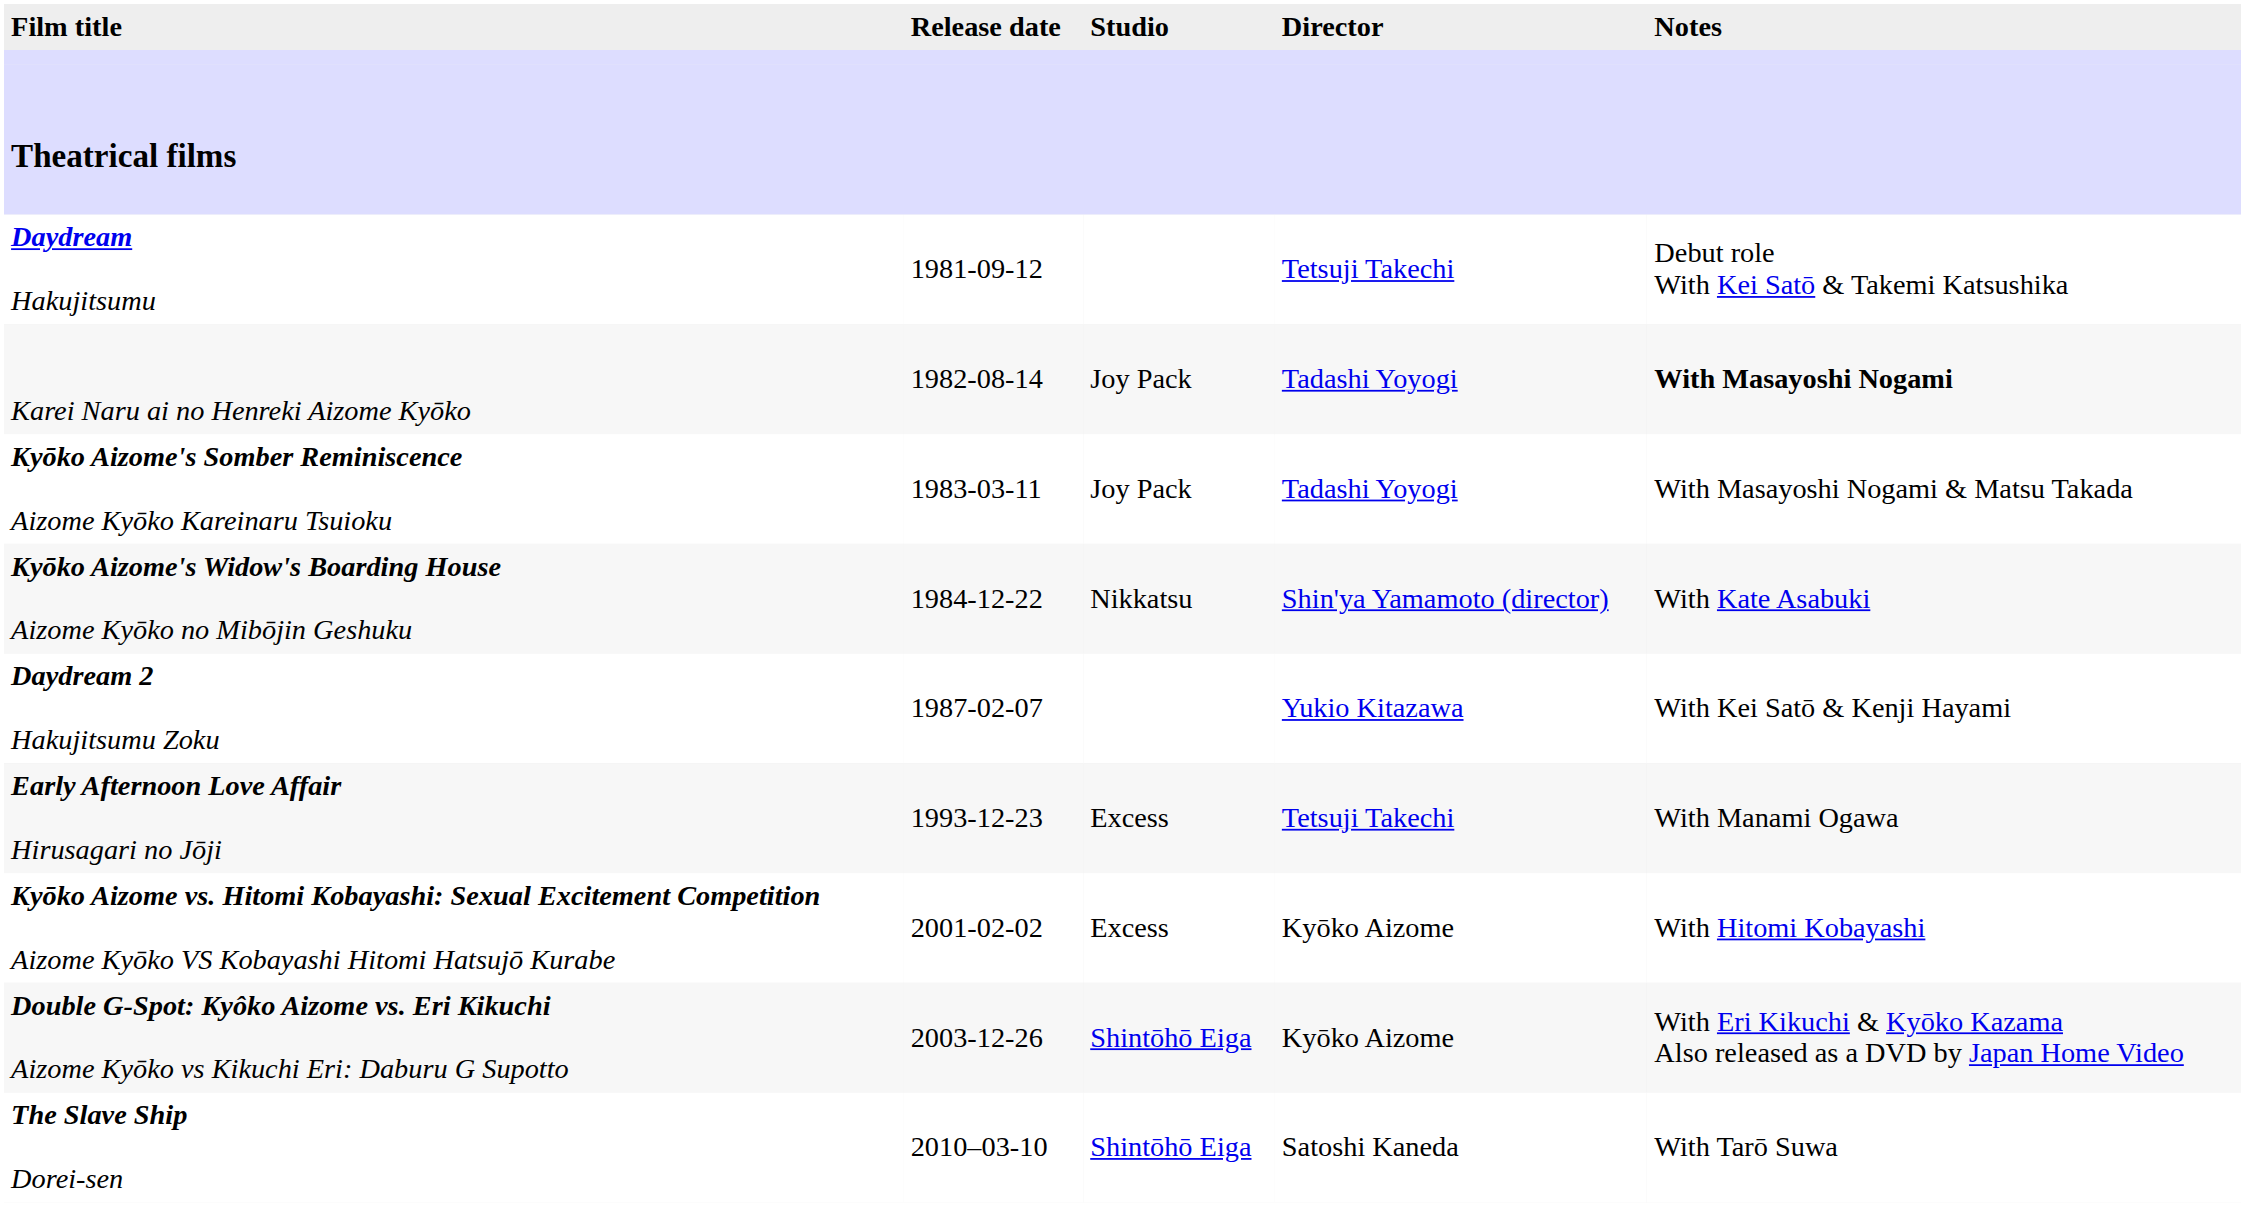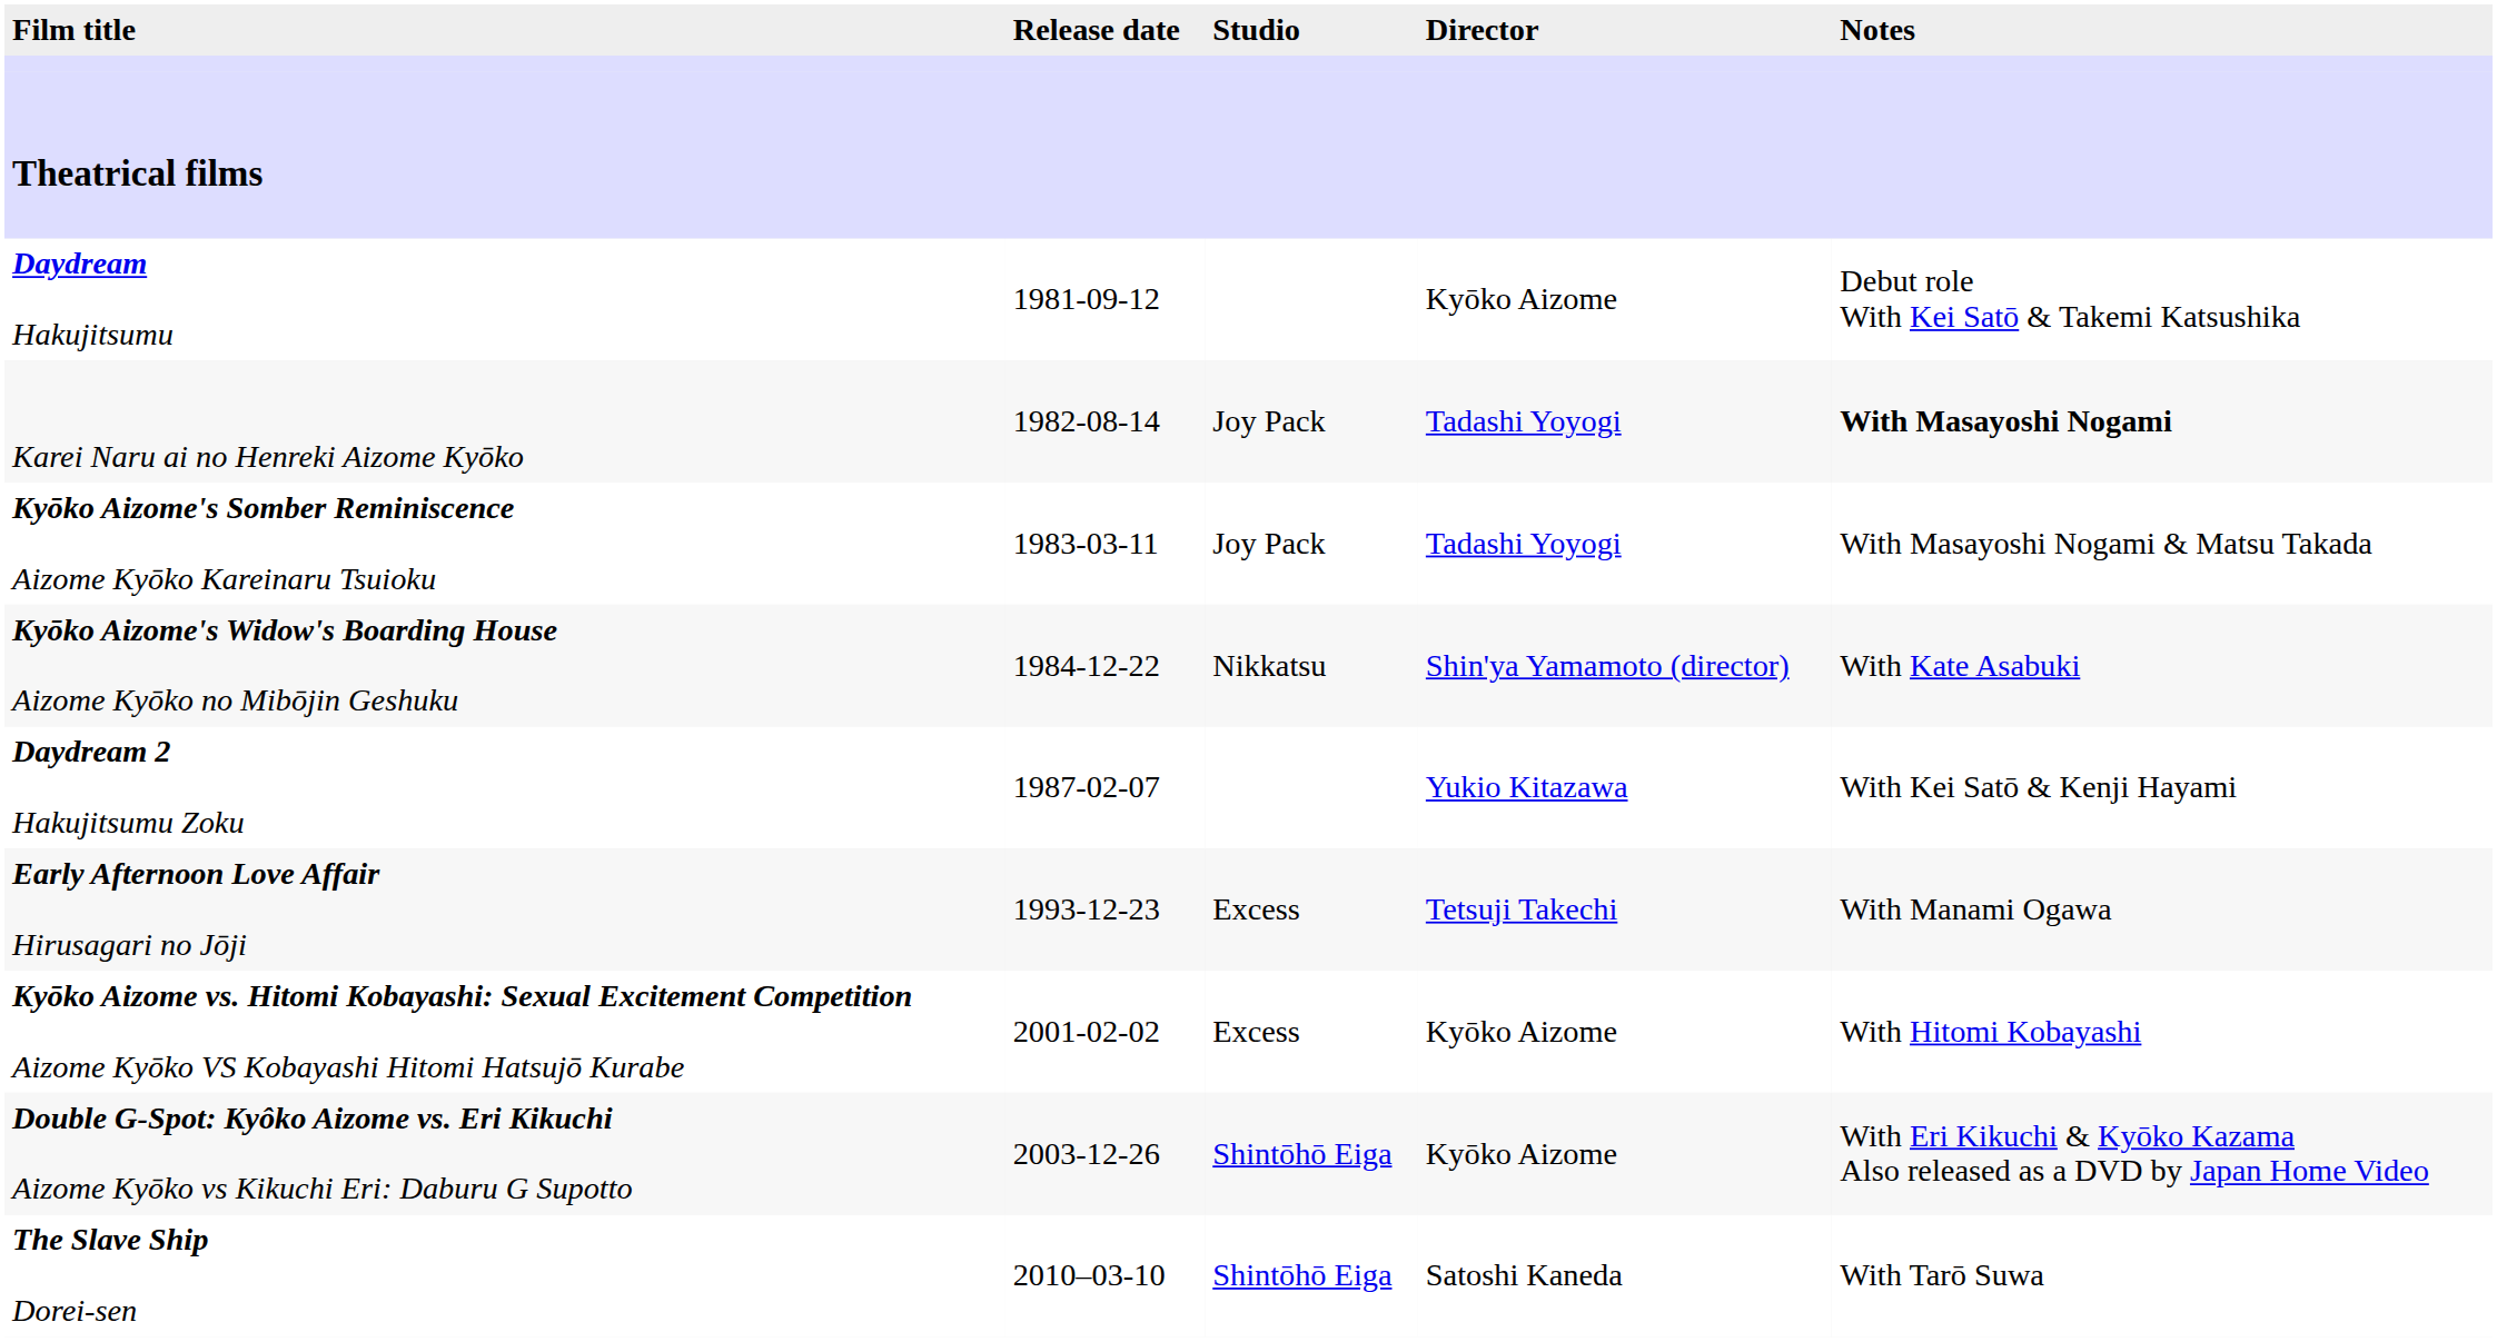 <table cellpadding="4" style="width:100%; text-align:left; border-width:0; border-collapse:collapse; background:#eee;">
 <tr>
 <th>Film title</th>
 <th>Release date</th>
 <th>Studio</th>
 <th>Director</th>
 <th>Notes</th>
 </tr>
 <tr>
 <td colspan="6" style="background:#ddf;"></td>
 </tr>
 <tr>
 <td colspan="6" style="background:#ddf;"><br><h3>Theatrical films</h3></td>
 </tr>
 <tr style=background:#fff;>
 <td><strong><em><a href='#'>Daydream</a></em></strong><br><br><em>Hakujitsumu</em></td>
 <td>1981-09-12</td>
 <td></td>
-<td><a href='#'>Tetsuji Takechi</a></td>
+<td>Kyōko Aizome</td>
 <td>Debut role<br>With <a href='#'>Kei Satō</a> & Takemi Katsushika</td>
 </tr>
 <tr style=background:#f7f7f7;>
 <td><strong><em> </em></strong><br><br><em>Karei Naru ai no Henreki Aizome Kyōko</em></td>
 <td>1982-08-14</td>
 <td>Joy Pack</td>
 <td><a href='#'>Tadashi Yoyogi</a></td>
 <td><strong>With Masayoshi Nogami</strong></td>
 </tr>
 <tr style=background:#fff;>
 <td><strong><em>Kyōko Aizome's Somber Reminiscence</em></strong><br><br><em>Aizome Kyōko Kareinaru Tsuioku</em></td>
 <td>1983-03-11</td>
 <td>Joy Pack</td>
 <td><a href='#'>Tadashi Yoyogi</a></td>
 <td>With Masayoshi Nogami & Matsu Takada</td>
 </tr>
 <tr style=background:#f7f7f7;>
 <td><strong><em>Kyōko Aizome's Widow's Boarding House</em></strong><br><br><em>Aizome Kyōko no Mibōjin Geshuku</em></td>
 <td>1984-12-22</td>
 <td>Nikkatsu</td>
 <td><a href='#'>Shin'ya Yamamoto (director)</a></td>
 <td> With <a href='#'>Kate Asabuki</a></td>
 </tr>
 <tr style=background:#fff;>
 <td><strong><em>Daydream 2</em></strong><br><br><em>Hakujitsumu Zoku</em></td>
 <td>1987-02-07</td>
 <td></td>
 <td><a href='#'>Yukio Kitazawa</a></td>
 <td>With Kei Satō & Kenji Hayami</td>
 </tr>
 <tr style=background:#f7f7f7;>
 <td><strong><em>Early Afternoon Love Affair</em></strong><br><br><em>Hirusagari no Jōji</em></td>
 <td>1993-12-23</td>
 <td>Excess</td>
 <td><a href='#'>Tetsuji Takechi</a></td>
 <td>With Manami Ogawa</td>
 </tr>
 <tr style=background:#fff;>
 <td><strong><em>Kyōko Aizome vs. Hitomi Kobayashi: Sexual Excitement Competition</em></strong><br><br><em>Aizome Kyōko VS Kobayashi Hitomi Hatsujō Kurabe</em></td>
 <td>2001-02-02</td>
 <td>Excess</td>
 <td>Kyōko Aizome</td>
 <td>With <a href='#'>Hitomi Kobayashi</a></td>
 </tr>
 <tr style=background:#f7f7f7;>
 <td><strong><em>Double G-Spot: Kyôko Aizome vs. Eri Kikuchi</em></strong><br><br><em>Aizome Kyōko vs Kikuchi Eri: Daburu G Supotto</em></td>
 <td>2003-12-26</td>
 <td><a href='#'>Shintōhō Eiga</a></td>
 <td>Kyōko Aizome</td>
 <td>With <a href='#'>Eri Kikuchi</a> & <a href='#'>Kyōko Kazama</a><br>Also released as a DVD by <a href='#'>Japan Home Video</a></td>
 </tr>
 <tr style=background:#fff;>
 <td><strong><em>The Slave Ship</em></strong><br><br><em>Dorei-sen</em></td>
 <td>2010–03-10</td>
 <td><a href='#'>Shintōhō Eiga</a></td>
 <td>Satoshi Kaneda</td>
 <td>With Tarō Suwa</td>
 </tr>
 </table>
